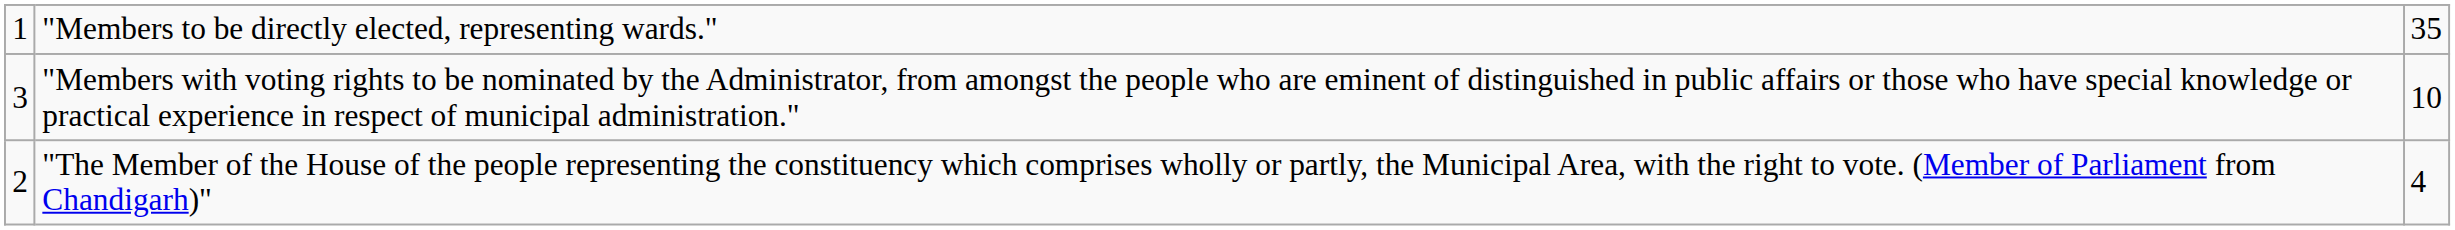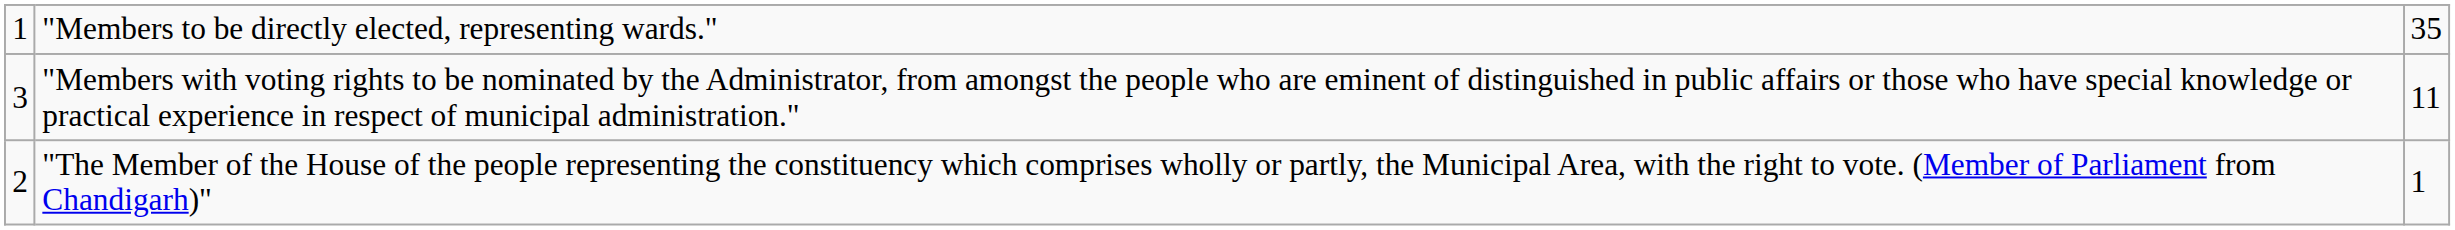 <table class="wikitable">
 <tr>
 <td>1</td>
 <td>"Members to be directly elected, representing wards."</td>
 <td>35</td>
 </tr>
 <tr>
 <td>3</td>
 <td>"Members with voting rights to be nominated by the Administrator, from amongst the people who are eminent of distinguished in public affairs or those who have special knowledge or practical experience in respect of municipal administration."</td>
-<td>10</td>
+<td>11</td>
 </tr>
 <tr>
 <td>2</td>
 <td>"The Member of the House of the people representing the constituency which comprises wholly or partly, the Municipal Area, with the right to vote. (<a href='#'>Member of Parliament</a> from <a href='#'>Chandigarh</a>)"</td>
-<td>4</td>
+<td>1</td>
 </tr>
 </table>
